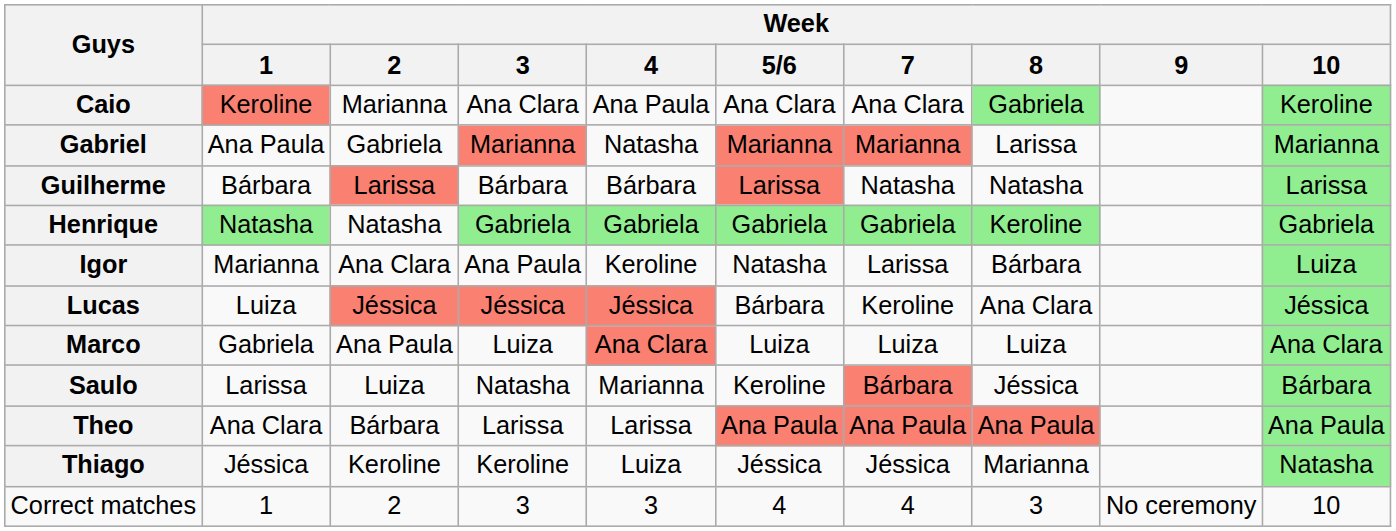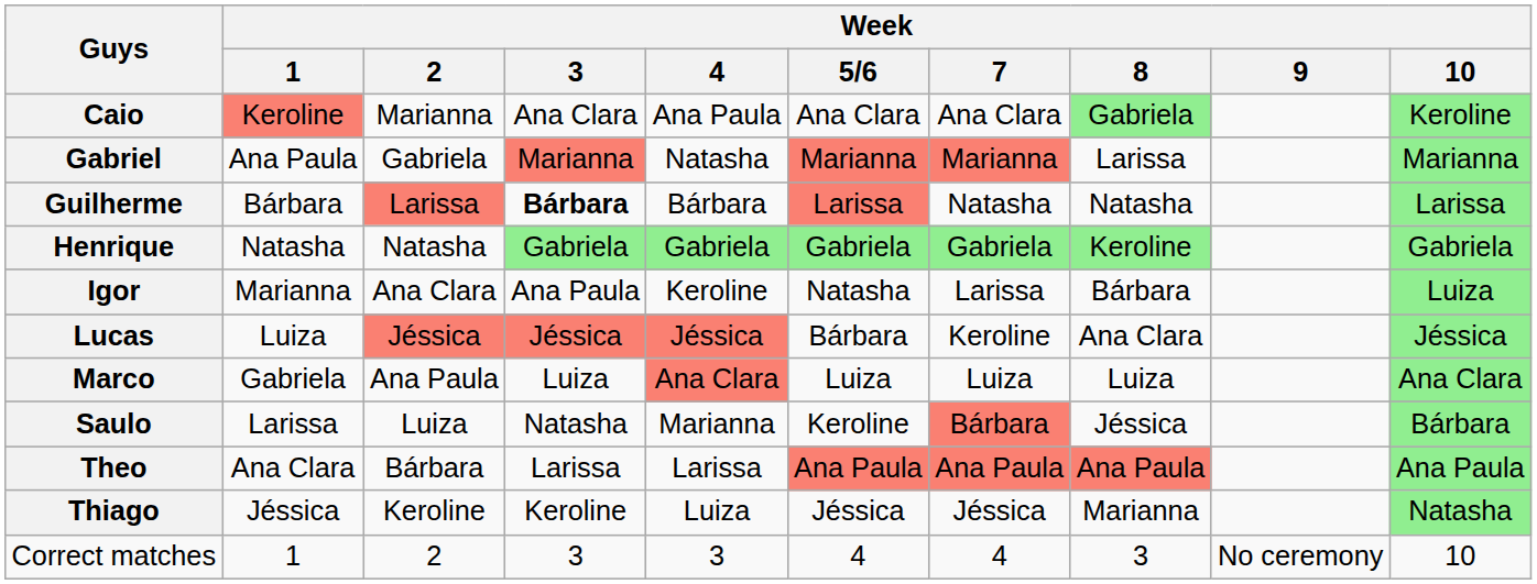 <table class="wikitable" style="text-align:center">
 <tr>
 <th rowspan=2>Guys</th>
 <th colspan=10>Week</th>
 </tr>
 <tr>
 <th>1</th>
 <th>2</th>
 <th>3</th>
 <th>4</th>
 <th>5/6</th>
 <th>7</th>
 <th>8</th>
 <th>9</th>
 <th>10</th>
 </tr>
 <tr>
 <th>Caio</th>
 <td style="background:salmon">Keroline</td>
 <td>Marianna</td>
 <td>Ana Clara</td>
 <td>Ana Paula</td>
 <td>Ana Clara</td>
 <td>Ana Clara</td>
 <td style="background:lightgreen">Gabriela</td>
 <td></td>
 <td style="background:lightgreen">Keroline</td>
 </tr>
 <tr>
 <th>Gabriel</th>
 <td>Ana Paula</td>
 <td>Gabriela</td>
 <td style="background:salmon">Marianna</td>
 <td>Natasha</td>
 <td style="background:salmon">Marianna</td>
 <td style="background:salmon">Marianna</td>
 <td>Larissa</td>
 <td></td>
 <td style="background:lightgreen">Marianna</td>
 </tr>
 <tr>
 <th>Guilherme</th>
 <td>Bárbara</td>
 <td style="background:salmon">Larissa</td>
-<td>Bárbara</td>
+<td><strong>Bárbara</strong></td>
 <td>Bárbara</td>
 <td style="background:salmon">Larissa</td>
 <td>Natasha</td>
 <td>Natasha</td>
 <td></td>
 <td style="background:lightgreen">Larissa</td>
 </tr>
 <tr>
 <th>Henrique</th>
-<td style="background: lightgreen;">Natasha</td>
+<td>Natasha</td>
 <td>Natasha</td>
 <td style="background:lightgreen">Gabriela</td>
 <td style="background:lightgreen">Gabriela</td>
 <td style="background:lightgreen">Gabriela</td>
 <td style="background:lightgreen">Gabriela</td>
 <td style="background:lightgreen">Keroline</td>
 <td></td>
 <td style="background:lightgreen">Gabriela</td>
 </tr>
 <tr>
 <th>Igor</th>
 <td>Marianna</td>
 <td>Ana Clara</td>
 <td>Ana Paula</td>
 <td>Keroline</td>
 <td>Natasha</td>
 <td>Larissa</td>
 <td>Bárbara</td>
 <td></td>
 <td style="background:lightgreen">Luiza</td>
 </tr>
 <tr>
 <th>Lucas</th>
 <td>Luiza</td>
 <td style="background:salmon">Jéssica</td>
 <td style="background:salmon">Jéssica</td>
 <td style="background:salmon">Jéssica</td>
 <td>Bárbara</td>
 <td>Keroline</td>
 <td>Ana Clara</td>
 <td></td>
 <td style="background:lightgreen">Jéssica</td>
 </tr>
 <tr>
 <th>Marco</th>
 <td>Gabriela</td>
 <td>Ana Paula</td>
 <td>Luiza</td>
 <td style="background:salmon">Ana Clara</td>
 <td>Luiza</td>
 <td>Luiza</td>
 <td>Luiza</td>
 <td></td>
 <td style="background:lightgreen">Ana Clara</td>
 </tr>
 <tr>
 <th>Saulo</th>
 <td>Larissa</td>
 <td>Luiza</td>
 <td>Natasha</td>
 <td>Marianna</td>
 <td>Keroline</td>
 <td style="background:salmon">Bárbara</td>
 <td>Jéssica</td>
 <td></td>
 <td style="background:lightgreen">Bárbara</td>
 </tr>
 <tr>
 <th>Theo</th>
 <td>Ana Clara</td>
 <td>Bárbara</td>
 <td>Larissa</td>
 <td>Larissa</td>
 <td style="background:salmon">Ana Paula</td>
 <td style="background:salmon">Ana Paula</td>
 <td style="background:salmon">Ana Paula</td>
 <td></td>
 <td style="background:lightgreen">Ana Paula</td>
 </tr>
 <tr>
 <th>Thiago</th>
 <td>Jéssica</td>
 <td>Keroline</td>
 <td>Keroline</td>
 <td>Luiza</td>
 <td>Jéssica</td>
 <td>Jéssica</td>
 <td>Marianna</td>
 <td></td>
 <td style="background:lightgreen">Natasha</td>
 </tr>
 <tr>
 <td>Correct matches</td>
 <td>1</td>
 <td>2</td>
 <td>3</td>
 <td>3</td>
 <td>4</td>
 <td>4</td>
 <td>3</td>
 <td>No ceremony</td>
 <td>10</td>
 </tr>
 </table>
